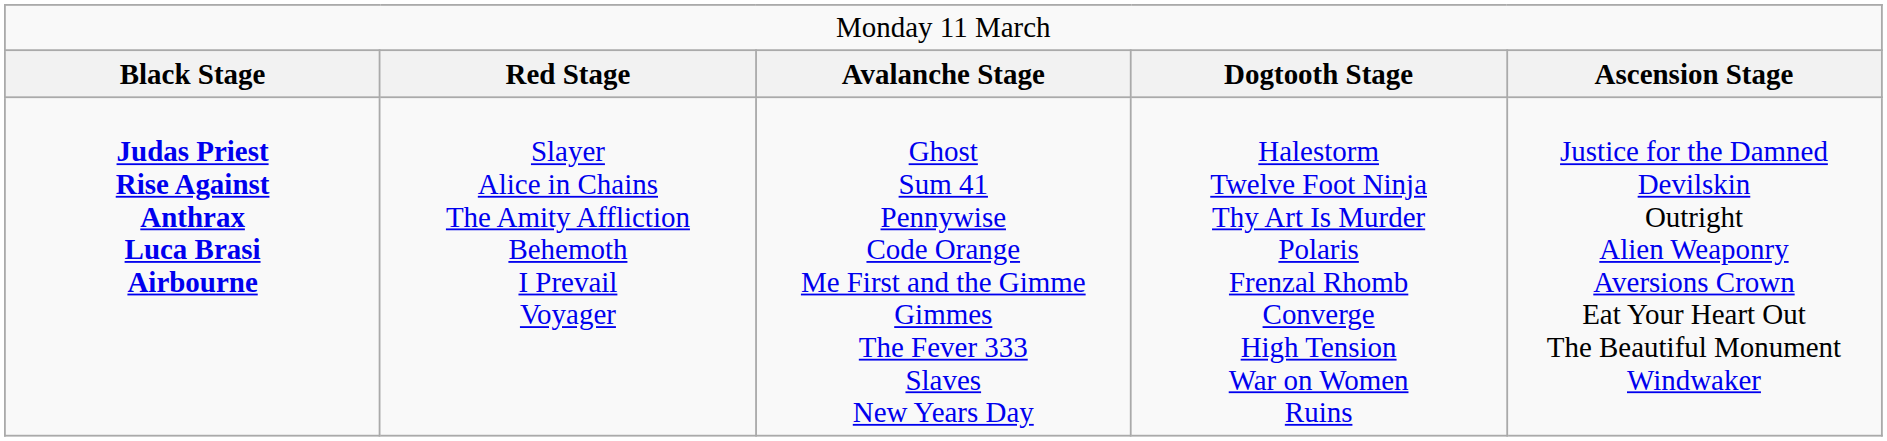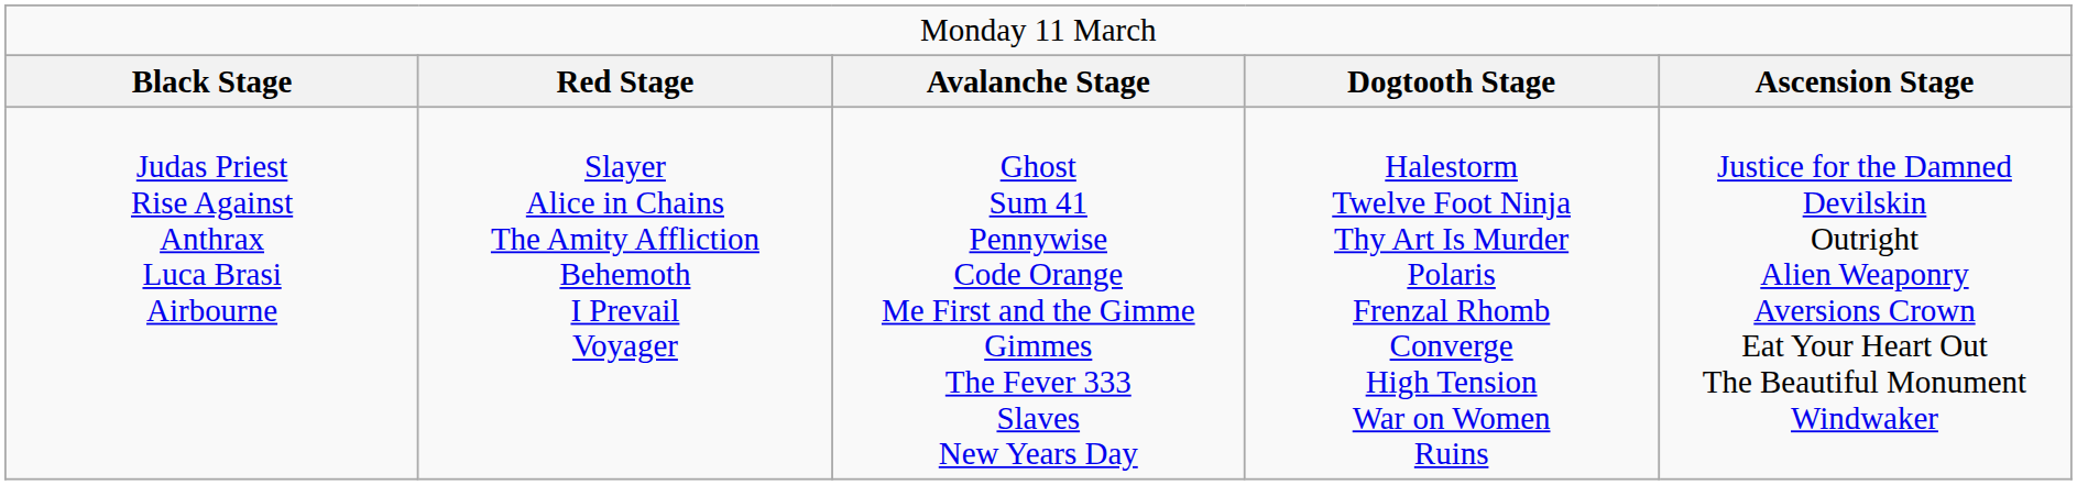 <table class="wikitable">
 <tr>
 <td colspan="5" style="text-align:center;">Monday 11 March</td>
 </tr>
 <tr>
 <th>Black Stage</th>
 <th>Red Stage</th>
 <th>Avalanche Stage</th>
 <th>Dogtooth Stage</th>
 <th>Ascension Stage</th>
 </tr>
 <tr>
-<td style="text-align:center; vertical-align:top; width:200px;"><strong><br><a href='#'>Judas Priest</a> <br> <a href='#'>Rise Against</a> <br> <a href='#'>Anthrax</a> <br> <a href='#'>Luca Brasi</a> <br> <a href='#'>Airbourne</a><br></strong></td>
+<td style="text-align:center; vertical-align:top; width:200px;"><br><a href='#'>Judas Priest</a> <br> <a href='#'>Rise Against</a> <br> <a href='#'>Anthrax</a> <br> <a href='#'>Luca Brasi</a> <br> <a href='#'>Airbourne</a><br></td>
 <td style="text-align:center; vertical-align:top; width:200px;"><br><a href='#'>Slayer</a> <br> <a href='#'>Alice in Chains</a> <br> <a href='#'>The Amity Affliction</a> <br> <a href='#'>Behemoth</a> <br> <a href='#'>I Prevail</a> <br> <a href='#'>Voyager</a> <br></td>
 <td style="text-align:center; vertical-align:top; width:200px;"><br><a href='#'>Ghost</a> <br> <a href='#'>Sum 41</a> <br> <a href='#'>Pennywise</a> <br> <a href='#'>Code Orange</a> <br> <a href='#'>Me First and the Gimme Gimmes</a> <br> <a href='#'>The Fever 333</a> <br> <a href='#'>Slaves</a> <br> <a href='#'>New Years Day</a> <br></td>
 <td style="text-align:center; vertical-align:top; width:200px;"><br><a href='#'>Halestorm</a> <br> <a href='#'>Twelve Foot Ninja</a> <br> <a href='#'>Thy Art Is Murder</a> <br> <a href='#'>Polaris</a> <br> <a href='#'>Frenzal Rhomb</a> <br> <a href='#'>Converge</a> <br> <a href='#'>High Tension</a> <br> <a href='#'>War on Women</a> <br> <a href='#'>Ruins</a> <br></td>
 <td style="text-align:center; vertical-align:top; width:200px;"><br><a href='#'>Justice for the Damned</a> <br> <a href='#'>Devilskin</a> <br> Outright <br> <a href='#'>Alien Weaponry</a> <br> <a href='#'>Aversions Crown</a> <br> Eat Your Heart Out <br> The Beautiful Monument <br> <a href='#'>Windwaker</a> <br></td>
 </tr>
 </table>
